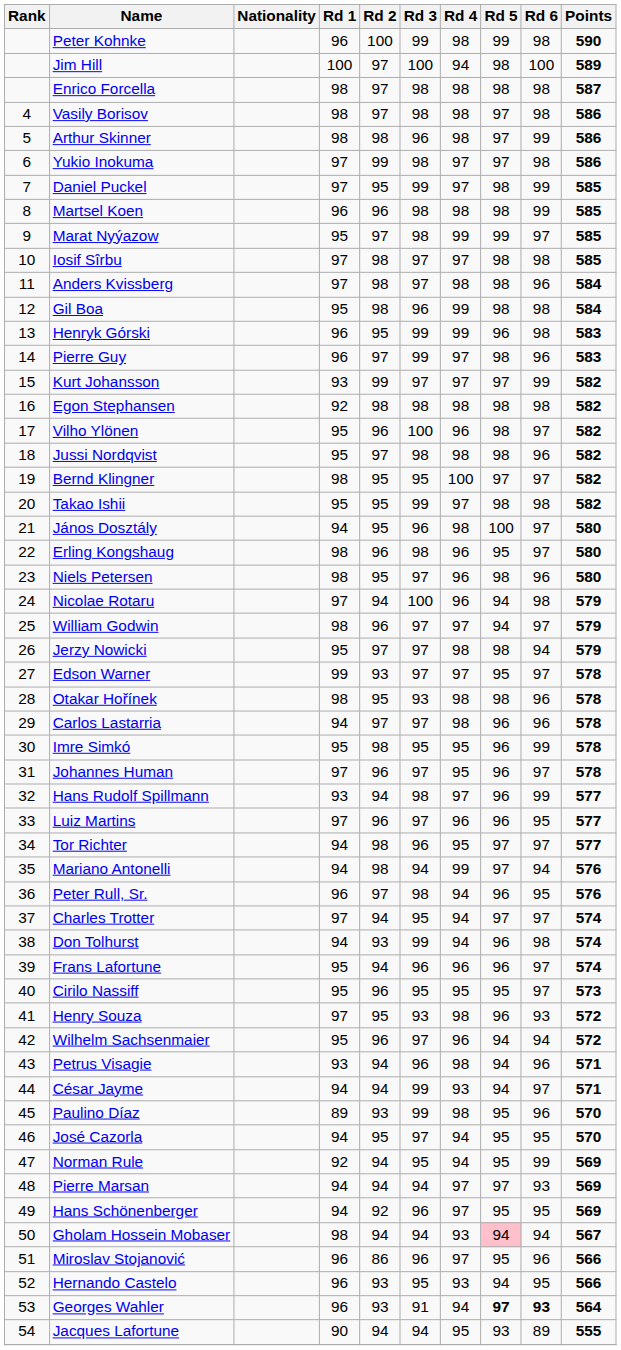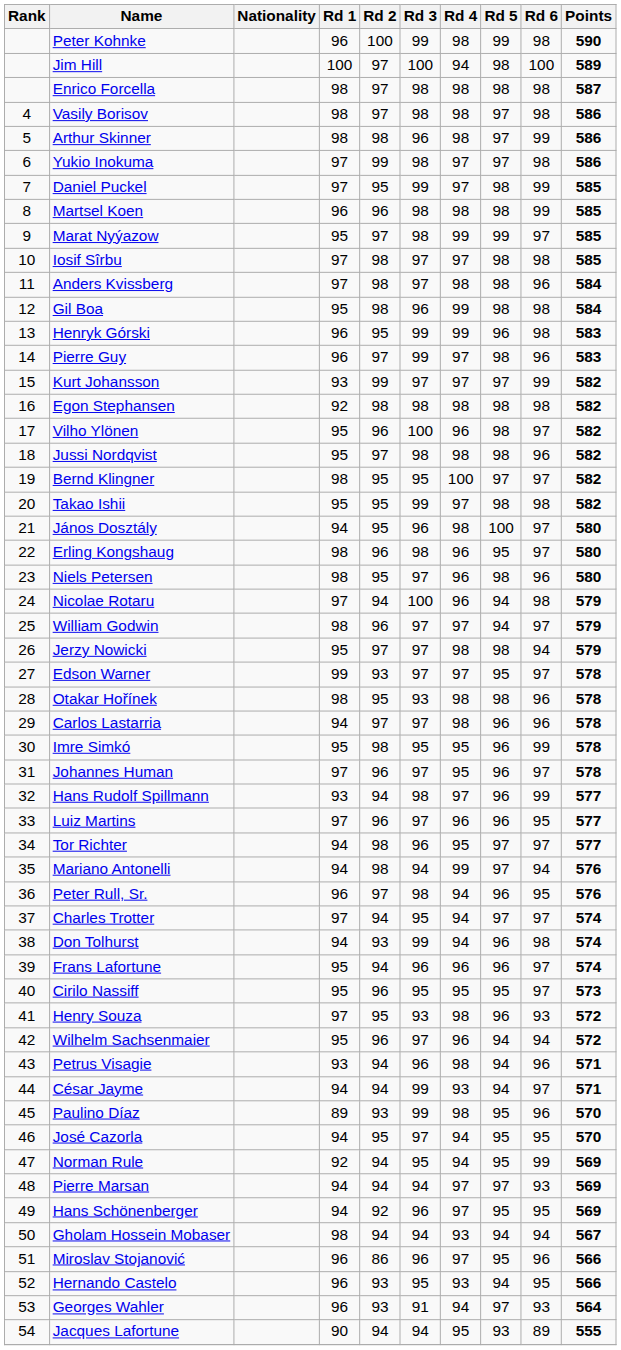 <table class="wikitable sortable" style="text-align:center">
 <tr>
 <th>Rank</th>
 <th>Name</th>
 <th>Nationality</th>
 <th>Rd 1</th>
 <th>Rd 2</th>
 <th>Rd 3</th>
 <th>Rd 4</th>
 <th>Rd 5</th>
 <th>Rd 6</th>
 <th>Points</th>
 </tr>
 <tr>
 <td></td>
 <td align=left><a href='#'>Peter Kohnke</a></td>
 <td align=left></td>
 <td>96</td>
 <td>100</td>
 <td>99</td>
 <td>98</td>
 <td>99</td>
 <td>98</td>
 <td><strong>590</strong></td>
 </tr>
 <tr>
 <td></td>
 <td align=left><a href='#'>Jim Hill</a></td>
 <td align=left></td>
 <td>100</td>
 <td>97</td>
 <td>100</td>
 <td>94</td>
 <td>98</td>
 <td>100</td>
 <td><strong>589</strong></td>
 </tr>
 <tr>
 <td></td>
 <td align=left><a href='#'>Enrico Forcella</a></td>
 <td align=left></td>
 <td>98</td>
 <td>97</td>
 <td>98</td>
 <td>98</td>
 <td>98</td>
 <td>98</td>
 <td><strong>587</strong></td>
 </tr>
 <tr>
 <td>4</td>
 <td align=left><a href='#'>Vasily Borisov</a></td>
 <td align=left></td>
 <td>98</td>
 <td>97</td>
 <td>98</td>
 <td>98</td>
 <td>97</td>
 <td>98</td>
 <td><strong>586</strong></td>
 </tr>
 <tr>
 <td>5</td>
 <td align=left><a href='#'>Arthur Skinner</a></td>
 <td align=left></td>
 <td>98</td>
 <td>98</td>
 <td>96</td>
 <td>98</td>
 <td>97</td>
 <td>99</td>
 <td><strong>586</strong></td>
 </tr>
 <tr>
 <td>6</td>
 <td align=left><a href='#'>Yukio Inokuma</a></td>
 <td align=left></td>
 <td>97</td>
 <td>99</td>
 <td>98</td>
 <td>97</td>
 <td>97</td>
 <td>98</td>
 <td><strong>586</strong></td>
 </tr>
 <tr>
 <td>7</td>
 <td align=left><a href='#'>Daniel Puckel</a></td>
 <td align=left></td>
 <td>97</td>
 <td>95</td>
 <td>99</td>
 <td>97</td>
 <td>98</td>
 <td>99</td>
 <td><strong>585</strong></td>
 </tr>
 <tr>
 <td>8</td>
 <td align=left><a href='#'>Martsel Koen</a></td>
 <td align=left></td>
 <td>96</td>
 <td>96</td>
 <td>98</td>
 <td>98</td>
 <td>98</td>
 <td>99</td>
 <td><strong>585</strong></td>
 </tr>
 <tr>
 <td>9</td>
 <td align=left><a href='#'>Marat Nyýazow</a></td>
 <td align=left></td>
 <td>95</td>
 <td>97</td>
 <td>98</td>
 <td>99</td>
 <td>99</td>
 <td>97</td>
 <td><strong>585</strong></td>
 </tr>
 <tr>
 <td>10</td>
 <td align=left><a href='#'>Iosif Sîrbu</a></td>
 <td align=left></td>
 <td>97</td>
 <td>98</td>
 <td>97</td>
 <td>97</td>
 <td>98</td>
 <td>98</td>
 <td><strong>585</strong></td>
 </tr>
 <tr>
 <td>11</td>
 <td align=left><a href='#'>Anders Kvissberg</a></td>
 <td align=left></td>
 <td>97</td>
 <td>98</td>
 <td>97</td>
 <td>98</td>
 <td>98</td>
 <td>96</td>
 <td><strong>584</strong></td>
 </tr>
 <tr>
 <td>12</td>
 <td align=left><a href='#'>Gil Boa</a></td>
 <td align=left></td>
 <td>95</td>
 <td>98</td>
 <td>96</td>
 <td>99</td>
 <td>98</td>
 <td>98</td>
 <td><strong>584</strong></td>
 </tr>
 <tr>
 <td>13</td>
 <td align=left><a href='#'>Henryk Górski</a></td>
 <td align=left></td>
 <td>96</td>
 <td>95</td>
 <td>99</td>
 <td>99</td>
 <td>96</td>
 <td>98</td>
 <td><strong>583</strong></td>
 </tr>
 <tr>
 <td>14</td>
 <td align=left><a href='#'>Pierre Guy</a></td>
 <td align=left></td>
 <td>96</td>
 <td>97</td>
 <td>99</td>
 <td>97</td>
 <td>98</td>
 <td>96</td>
 <td><strong>583</strong></td>
 </tr>
 <tr>
 <td>15</td>
 <td align=left><a href='#'>Kurt Johansson</a></td>
 <td align=left></td>
 <td>93</td>
 <td>99</td>
 <td>97</td>
 <td>97</td>
 <td>97</td>
 <td>99</td>
 <td><strong>582</strong></td>
 </tr>
 <tr>
 <td>16</td>
 <td align=left><a href='#'>Egon Stephansen</a></td>
 <td align=left></td>
 <td>92</td>
 <td>98</td>
 <td>98</td>
 <td>98</td>
 <td>98</td>
 <td>98</td>
 <td><strong>582</strong></td>
 </tr>
 <tr>
 <td>17</td>
 <td align=left><a href='#'>Vilho Ylönen</a></td>
 <td align=left></td>
 <td>95</td>
 <td>96</td>
 <td>100</td>
 <td>96</td>
 <td>98</td>
 <td>97</td>
 <td><strong>582</strong></td>
 </tr>
 <tr>
 <td>18</td>
 <td align=left><a href='#'>Jussi Nordqvist</a></td>
 <td align=left></td>
 <td>95</td>
 <td>97</td>
 <td>98</td>
 <td>98</td>
 <td>98</td>
 <td>96</td>
 <td><strong>582</strong></td>
 </tr>
 <tr>
 <td>19</td>
 <td align=left><a href='#'>Bernd Klingner</a></td>
 <td align=left></td>
 <td>98</td>
 <td>95</td>
 <td>95</td>
 <td>100</td>
 <td>97</td>
 <td>97</td>
 <td><strong>582</strong></td>
 </tr>
 <tr>
 <td>20</td>
 <td align=left><a href='#'>Takao Ishii</a></td>
 <td align=left></td>
 <td>95</td>
 <td>95</td>
 <td>99</td>
 <td>97</td>
 <td>98</td>
 <td>98</td>
 <td><strong>582</strong></td>
 </tr>
 <tr>
 <td>21</td>
 <td align=left><a href='#'>János Dosztály</a></td>
 <td align=left></td>
 <td>94</td>
 <td>95</td>
 <td>96</td>
 <td>98</td>
 <td>100</td>
 <td>97</td>
 <td><strong>580</strong></td>
 </tr>
 <tr>
 <td>22</td>
 <td align=left><a href='#'>Erling Kongshaug</a></td>
 <td align=left></td>
 <td>98</td>
 <td>96</td>
 <td>98</td>
 <td>96</td>
 <td>95</td>
 <td>97</td>
 <td><strong>580</strong></td>
 </tr>
 <tr>
 <td>23</td>
 <td align=left><a href='#'>Niels Petersen</a></td>
 <td align=left></td>
 <td>98</td>
 <td>95</td>
 <td>97</td>
 <td>96</td>
 <td>98</td>
 <td>96</td>
 <td><strong>580</strong></td>
 </tr>
 <tr>
 <td>24</td>
 <td align=left><a href='#'>Nicolae Rotaru</a></td>
 <td align=left></td>
 <td>97</td>
 <td>94</td>
 <td>100</td>
 <td>96</td>
 <td>94</td>
 <td>98</td>
 <td><strong>579</strong></td>
 </tr>
 <tr>
 <td>25</td>
 <td align=left><a href='#'>William Godwin</a></td>
 <td align=left></td>
 <td>98</td>
 <td>96</td>
 <td>97</td>
 <td>97</td>
 <td>94</td>
 <td>97</td>
 <td><strong>579</strong></td>
 </tr>
 <tr>
 <td>26</td>
 <td align=left><a href='#'>Jerzy Nowicki</a></td>
 <td align=left></td>
 <td>95</td>
 <td>97</td>
 <td>97</td>
 <td>98</td>
 <td>98</td>
 <td>94</td>
 <td><strong>579</strong></td>
 </tr>
 <tr>
 <td>27</td>
 <td align=left><a href='#'>Edson Warner</a></td>
 <td align=left></td>
 <td>99</td>
 <td>93</td>
 <td>97</td>
 <td>97</td>
 <td>95</td>
 <td>97</td>
 <td><strong>578</strong></td>
 </tr>
 <tr>
 <td>28</td>
 <td align=left><a href='#'>Otakar Hořínek</a></td>
 <td align=left></td>
 <td>98</td>
 <td>95</td>
 <td>93</td>
 <td>98</td>
 <td>98</td>
 <td>96</td>
 <td><strong>578</strong></td>
 </tr>
 <tr>
 <td>29</td>
 <td align=left><a href='#'>Carlos Lastarria</a></td>
 <td align=left></td>
 <td>94</td>
 <td>97</td>
 <td>97</td>
 <td>98</td>
 <td>96</td>
 <td>96</td>
 <td><strong>578</strong></td>
 </tr>
 <tr>
 <td>30</td>
 <td align=left><a href='#'>Imre Simkó</a></td>
 <td align=left></td>
 <td>95</td>
 <td>98</td>
 <td>95</td>
 <td>95</td>
 <td>96</td>
 <td>99</td>
 <td><strong>578</strong></td>
 </tr>
 <tr>
 <td>31</td>
 <td align=left><a href='#'>Johannes Human</a></td>
 <td align=left></td>
 <td>97</td>
 <td>96</td>
 <td>97</td>
 <td>95</td>
 <td>96</td>
 <td>97</td>
 <td><strong>578</strong></td>
 </tr>
 <tr>
 <td>32</td>
 <td align=left><a href='#'>Hans Rudolf Spillmann</a></td>
 <td align=left></td>
 <td>93</td>
 <td>94</td>
 <td>98</td>
 <td>97</td>
 <td>96</td>
 <td>99</td>
 <td><strong>577</strong></td>
 </tr>
 <tr>
 <td>33</td>
 <td align=left><a href='#'>Luiz Martins</a></td>
 <td align=left></td>
 <td>97</td>
 <td>96</td>
 <td>97</td>
 <td>96</td>
 <td>96</td>
 <td>95</td>
 <td><strong>577</strong></td>
 </tr>
 <tr>
 <td>34</td>
 <td align=left><a href='#'>Tor Richter</a></td>
 <td align=left></td>
 <td>94</td>
 <td>98</td>
 <td>96</td>
 <td>95</td>
 <td>97</td>
 <td>97</td>
 <td><strong>577</strong></td>
 </tr>
 <tr>
 <td>35</td>
 <td align=left><a href='#'>Mariano Antonelli</a></td>
 <td align=left></td>
 <td>94</td>
 <td>98</td>
 <td>94</td>
 <td>99</td>
 <td>97</td>
 <td>94</td>
 <td><strong>576</strong></td>
 </tr>
 <tr>
 <td>36</td>
 <td align=left><a href='#'>Peter Rull, Sr.</a></td>
 <td align=left></td>
 <td>96</td>
 <td>97</td>
 <td>98</td>
 <td>94</td>
 <td>96</td>
 <td>95</td>
 <td><strong>576</strong></td>
 </tr>
 <tr>
 <td>37</td>
 <td align=left><a href='#'>Charles Trotter</a></td>
 <td align=left></td>
 <td>97</td>
 <td>94</td>
 <td>95</td>
 <td>94</td>
 <td>97</td>
 <td>97</td>
 <td><strong>574</strong></td>
 </tr>
 <tr>
 <td>38</td>
 <td align=left><a href='#'>Don Tolhurst</a></td>
 <td align=left></td>
 <td>94</td>
 <td>93</td>
 <td>99</td>
 <td>94</td>
 <td>96</td>
 <td>98</td>
 <td><strong>574</strong></td>
 </tr>
 <tr>
 <td>39</td>
 <td align=left><a href='#'>Frans Lafortune</a></td>
 <td align=left></td>
 <td>95</td>
 <td>94</td>
 <td>96</td>
 <td>96</td>
 <td>96</td>
 <td>97</td>
 <td><strong>574</strong></td>
 </tr>
 <tr>
 <td>40</td>
 <td align=left><a href='#'>Cirilo Nassiff</a></td>
 <td align=left></td>
 <td>95</td>
 <td>96</td>
 <td>95</td>
 <td>95</td>
 <td>95</td>
 <td>97</td>
 <td><strong>573</strong></td>
 </tr>
 <tr>
 <td>41</td>
 <td align=left><a href='#'>Henry Souza</a></td>
 <td align=left></td>
 <td>97</td>
 <td>95</td>
 <td>93</td>
 <td>98</td>
 <td>96</td>
 <td>93</td>
 <td><strong>572</strong></td>
 </tr>
 <tr>
 <td>42</td>
 <td align=left><a href='#'>Wilhelm Sachsenmaier</a></td>
 <td align=left></td>
 <td>95</td>
 <td>96</td>
 <td>97</td>
 <td>96</td>
 <td>94</td>
 <td>94</td>
 <td><strong>572</strong></td>
 </tr>
 <tr>
 <td>43</td>
 <td align=left><a href='#'>Petrus Visagie</a></td>
 <td align=left></td>
 <td>93</td>
 <td>94</td>
 <td>96</td>
 <td>98</td>
 <td>94</td>
 <td>96</td>
 <td><strong>571</strong></td>
 </tr>
 <tr>
 <td>44</td>
 <td align=left><a href='#'>César Jayme</a></td>
 <td align=left></td>
 <td>94</td>
 <td>94</td>
 <td>99</td>
 <td>93</td>
 <td>94</td>
 <td>97</td>
 <td><strong>571</strong></td>
 </tr>
 <tr>
 <td>45</td>
 <td align=left><a href='#'>Paulino Díaz</a></td>
 <td align=left></td>
 <td>89</td>
 <td>93</td>
 <td>99</td>
 <td>98</td>
 <td>95</td>
 <td>96</td>
 <td><strong>570</strong></td>
 </tr>
 <tr>
 <td>46</td>
 <td align=left><a href='#'>José Cazorla</a></td>
 <td align=left></td>
 <td>94</td>
 <td>95</td>
 <td>97</td>
 <td>94</td>
 <td>95</td>
 <td>95</td>
 <td><strong>570</strong></td>
 </tr>
 <tr>
 <td>47</td>
 <td align=left><a href='#'>Norman Rule</a></td>
 <td align=left></td>
 <td>92</td>
 <td>94</td>
 <td>95</td>
 <td>94</td>
 <td>95</td>
 <td>99</td>
 <td><strong>569</strong></td>
 </tr>
 <tr>
 <td>48</td>
 <td align=left><a href='#'>Pierre Marsan</a></td>
 <td align=left></td>
 <td>94</td>
 <td>94</td>
 <td>94</td>
 <td>97</td>
 <td>97</td>
 <td>93</td>
 <td><strong>569</strong></td>
 </tr>
 <tr>
 <td>49</td>
 <td align=left><a href='#'>Hans Schönenberger</a></td>
 <td align=left></td>
 <td>94</td>
 <td>92</td>
 <td>96</td>
 <td>97</td>
 <td>95</td>
 <td>95</td>
 <td><strong>569</strong></td>
 </tr>
 <tr>
 <td>50</td>
 <td align=left><a href='#'>Gholam Hossein Mobaser</a></td>
 <td align=left></td>
 <td>98</td>
 <td>94</td>
 <td>94</td>
 <td>93</td>
-<td style="background: pink;">94</td>
+<td>94</td>
 <td>94</td>
 <td><strong>567</strong></td>
 </tr>
 <tr>
 <td>51</td>
 <td align=left><a href='#'>Miroslav Stojanović</a></td>
 <td align=left></td>
 <td>96</td>
 <td>86</td>
 <td>96</td>
 <td>97</td>
 <td>95</td>
 <td>96</td>
 <td><strong>566</strong></td>
 </tr>
 <tr>
 <td>52</td>
 <td align=left><a href='#'>Hernando Castelo</a></td>
 <td align=left></td>
 <td>96</td>
 <td>93</td>
 <td>95</td>
 <td>93</td>
 <td>94</td>
 <td>95</td>
 <td><strong>566</strong></td>
 </tr>
 <tr>
 <td>53</td>
 <td align=left><a href='#'>Georges Wahler</a></td>
 <td align=left></td>
 <td>96</td>
 <td>93</td>
 <td>91</td>
 <td>94</td>
-<td><strong>97</strong></td>
-<td><strong>93</strong></td>
+<td>97</td>
+<td>93</td>
 <td><strong>564</strong></td>
 </tr>
 <tr>
 <td>54</td>
 <td align=left><a href='#'>Jacques Lafortune</a></td>
 <td align=left></td>
 <td>90</td>
 <td>94</td>
 <td>94</td>
 <td>95</td>
 <td>93</td>
 <td>89</td>
 <td><strong>555</strong></td>
 </tr>
 <tr>
 </tr>
 </table>
